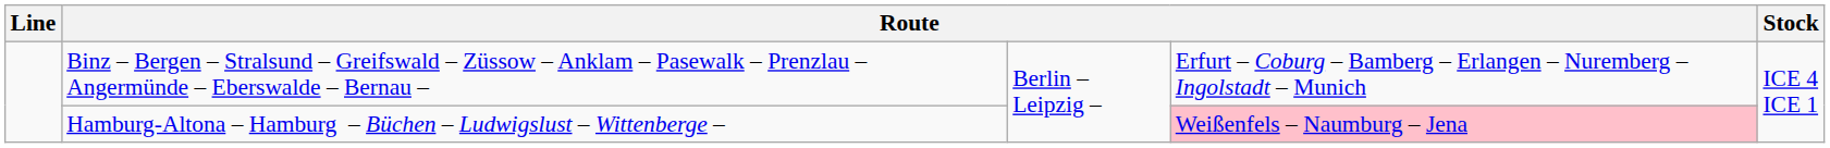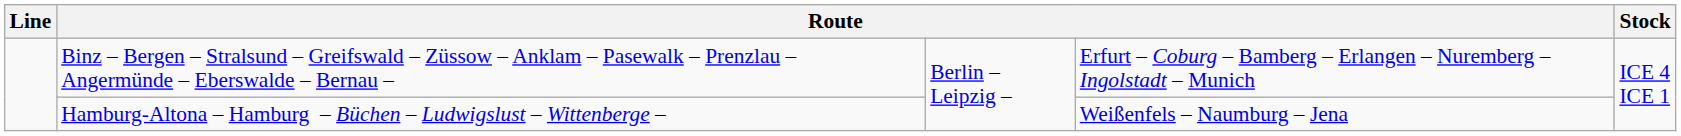 <table class="wikitable">
 <tr class="hintergrundfarbe5">
 <th>Line</th>
 <th colspan="3">Route</th>
 <th>Stock</th>
 </tr>
 <tr>
 <td rowspan="2"></td>
 <td><a href='#'>Binz</a> – <a href='#'>Bergen</a> – <a href='#'>Stralsund</a> – <a href='#'>Greifswald</a> – <a href='#'>Züssow</a> – <a href='#'>Anklam</a> – <a href='#'>Pasewalk</a> – <a href='#'>Prenzlau</a> – <a href='#'>Angermünde</a> – <a href='#'>Eberswalde</a> – <a href='#'>Bernau</a> – </td>
 <td rowspan="2"><a href='#'>Berlin</a> –   <a href='#'>Leipzig</a> –</td>
 <td><a href='#'>Erfurt</a> – <em><a href='#'>Coburg</a></em> – <a href='#'>Bamberg</a> – <a href='#'>Erlangen</a> – <a href='#'>Nuremberg</a> – <a href='#'><em>Ingolstadt</em></a> – <a href='#'>Munich</a></td>
 <td rowspan="2"><a href='#'>ICE 4</a><br><a href='#'>ICE 1</a></td>
 </tr>
 <tr>
 <td><a href='#'>Hamburg-Altona</a> –  <a href='#'>Hamburg</a>  – <em><a href='#'>Büchen</a></em> – <em><a href='#'>Ludwigslust</a> – <a href='#'>Wittenberge</a></em> – </td>
-<td style="background: pink;"><a href='#'>Weißenfels</a> – <a href='#'>Naumburg</a> – <a href='#'>Jena</a></td>
+<td><a href='#'>Weißenfels</a> – <a href='#'>Naumburg</a> – <a href='#'>Jena</a></td>
 </tr>
 </table>
